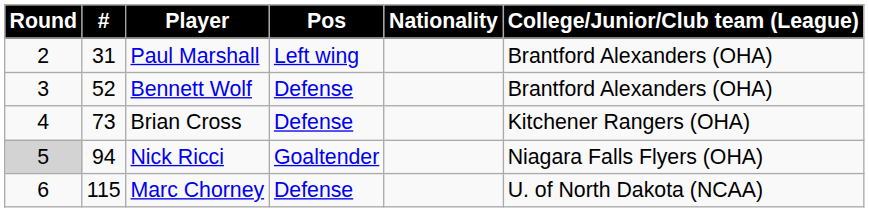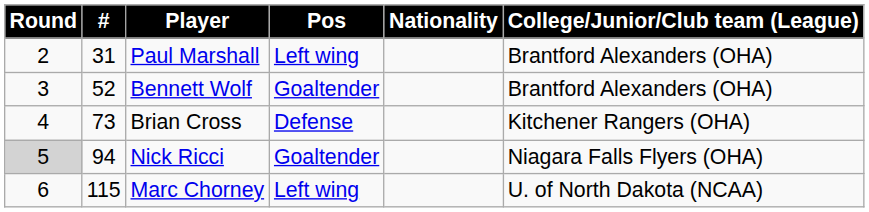 <table class="wikitable">
 <tr>
 <th style="color:white; background:#000000; ">Round</th>
 <th style="color:white; background:#000000; ">#</th>
 <th style="color:white; background:#000000; ">Player</th>
 <th style="color:white; background:#000000; ">Pos</th>
 <th style="color:white; background:#000000; ">Nationality</th>
 <th style="color:white; background:#000000; ">College/Junior/Club team (League)</th>
 </tr>
 <tr>
 <td align=center>2</td>
 <td align=center>31</td>
 <td><a href='#'>Paul Marshall</a></td>
 <td><a href='#'>Left wing</a></td>
 <td></td>
 <td>Brantford Alexanders (OHA)</td>
 </tr>
 <tr>
 <td align=center>3</td>
 <td align=center>52</td>
 <td><a href='#'>Bennett Wolf</a></td>
-<td><a href='#'>Defense</a></td>
+<td><a href='#'>Goaltender</a></td>
 <td></td>
 <td>Brantford Alexanders (OHA)</td>
 </tr>
 <tr>
 <td align=center>4</td>
 <td align=center>73</td>
 <td>Brian Cross</td>
 <td><a href='#'>Defense</a></td>
 <td></td>
 <td>Kitchener Rangers (OHA)</td>
 </tr>
 <tr>
 <td align=center style="background: lightgrey;">5</td>
 <td align=center>94</td>
 <td><a href='#'>Nick Ricci</a></td>
 <td><a href='#'>Goaltender</a></td>
 <td></td>
 <td>Niagara Falls Flyers (OHA)</td>
 </tr>
 <tr>
 <td align=center>6</td>
 <td align=center>115</td>
 <td><a href='#'>Marc Chorney</a></td>
-<td><a href='#'>Defense</a></td>
+<td><a href='#'>Left wing</a></td>
 <td></td>
 <td>U. of North Dakota (NCAA)</td>
 </tr>
 </table>
